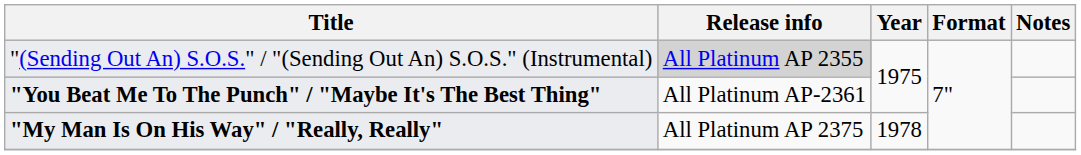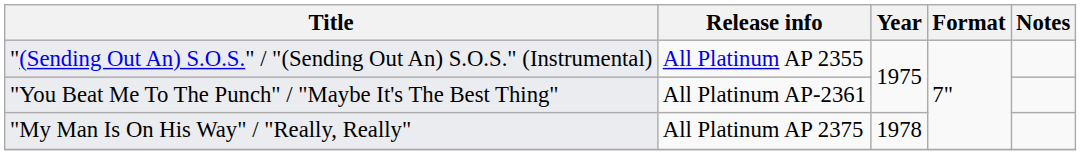 <table class="wikitable plainrowheaders sortable">
 <tr>
 <th>Title</th>
 <th>Release info</th>
 <th>Year</th>
 <th>Format</th>
 <th class="unsortable">Notes</th>
 </tr>
 <tr>
 <td style="background:#EAECF0">"<a href='#'>(Sending Out An) S.O.S.</a>" / "(Sending Out An) S.O.S." (Instrumental)</td>
-<td style="background: lightgrey;"><a href='#'>All Platinum</a> AP 2355</td>
+<td><a href='#'>All Platinum</a> AP 2355</td>
 <td rowspan="2">1975</td>
 <td rowspan="3">7"</td>
 <td></td>
 </tr>
 <tr>
-<td style="background:#EAECF0"><strong>"You Beat Me To The Punch" / "Maybe It's The Best Thing"</strong></td>
+<td style="background:#EAECF0">"You Beat Me To The Punch" / "Maybe It's The Best Thing"</td>
 <td>All Platinum AP-2361</td>
 <td></td>
 </tr>
 <tr>
-<td style="background:#EAECF0"><strong>"My Man Is On His Way" / "Really, Really"</strong></td>
+<td style="background:#EAECF0">"My Man Is On His Way" / "Really, Really"</td>
 <td>All Platinum AP 2375</td>
 <td>1978</td>
 <td></td>
 </tr>
 <tr>
 </tr>
 </table>
